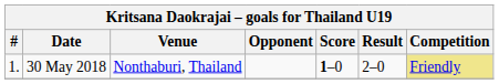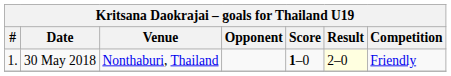 <table class="wikitable" style="font-size:95%;">
 <tr>
 <th colspan="8"><strong>Kritsana Daokrajai – goals for Thailand U19</strong></th>
 </tr>
 <tr>
 <th>#</th>
 <th>Date</th>
 <th>Venue</th>
 <th>Opponent</th>
 <th>Score</th>
 <th>Result</th>
 <th>Competition</th>
 </tr>
 <tr>
 <td>1.</td>
 <td>30 May 2018</td>
 <td><a href='#'>Nonthaburi</a>, <a href='#'>Thailand</a></td>
 <td></td>
 <td><strong>1</strong>–0</td>
-<td>2–0</td>
-<td style="background: khaki;"><a href='#'>Friendly</a></td>
+<td style="background: lightyellow;">2–0</td>
+<td><a href='#'>Friendly</a></td>
 </tr>
 <tr>
 </tr>
 </table>
